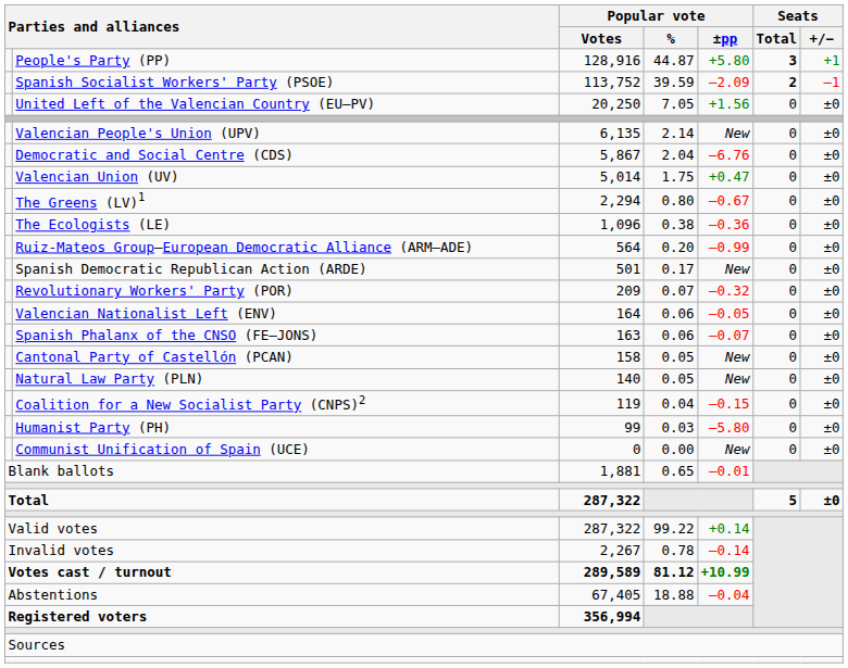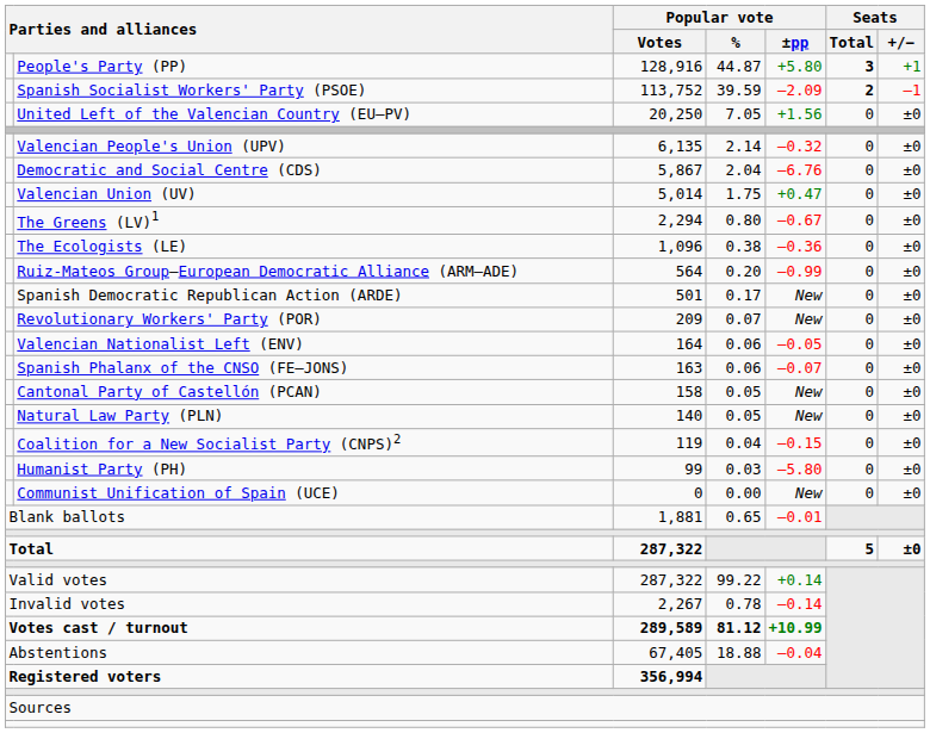 <table class="wikitable" style="text-align:right;">
 <tr>
 <th style="text-align:left;" rowspan="2" colspan="2" width="525">Parties and alliances</th>
 <th colspan="3">Popular vote</th>
 <th colspan="2">Seats</th>
 </tr>
 <tr>
 <th width="75">Votes</th>
 <th width="45">%</th>
 <th width="45">±<a href='#'>pp</a></th>
 <th width="35">Total</th>
 <th width="35">+/−</th>
 </tr>
 <tr>
 <td width="1" style="color:inherit;background:"></td>
 <td align="left"><a href='#'>People's Party</a> (PP)</td>
 <td>128,916</td>
 <td>44.87</td>
 <td style="color:green;">+5.80</td>
 <td><strong>3</strong></td>
 <td style="color:green;">+1</td>
 </tr>
 <tr>
 <td style="color:inherit;background:"></td>
 <td align="left"><a href='#'>Spanish Socialist Workers' Party</a> (PSOE)</td>
 <td>113,752</td>
 <td>39.59</td>
 <td style="color:red;">–2.09</td>
 <td><strong>2</strong></td>
 <td style="color:red;">–1</td>
 </tr>
 <tr>
 <td style="color:inherit;background:"></td>
 <td align="left"><a href='#'>United Left of the Valencian Country</a> (EU–PV)</td>
 <td>20,250</td>
 <td>7.05</td>
 <td style="color:green;">+1.56</td>
 <td>0</td>
 <td>±0</td>
 </tr>
 <tr>
 <td colspan="7" bgcolor="#C0C0C0"></td>
 </tr>
 <tr>
 <td style="color:inherit;background:"></td>
 <td align="left"><a href='#'>Valencian People's Union</a> (UPV)</td>
 <td>6,135</td>
 <td>2.14</td>
-<td><em>New</em></td>
+<td style="color:red;">–0.32</td>
 <td>0</td>
 <td>±0</td>
 </tr>
 <tr>
 <td style="color:inherit;background:"></td>
 <td align="left"><a href='#'>Democratic and Social Centre</a> (CDS)</td>
 <td>5,867</td>
 <td>2.04</td>
 <td style="color:red;">–6.76</td>
 <td>0</td>
 <td>±0</td>
 </tr>
 <tr>
 <td style="color:inherit;background:"></td>
 <td align="left"><a href='#'>Valencian Union</a> (UV)</td>
 <td>5,014</td>
 <td>1.75</td>
 <td style="color:green;">+0.47</td>
 <td>0</td>
 <td>±0</td>
 </tr>
 <tr>
 <td style="color:inherit;background:"></td>
 <td align="left"><a href='#'>The Greens</a> (LV)<sup>1</sup></td>
 <td>2,294</td>
 <td>0.80</td>
 <td style="color:red;">–0.67</td>
 <td>0</td>
 <td>±0</td>
 </tr>
 <tr>
 <td style="color:inherit;background:"></td>
 <td align="left"><a href='#'>The Ecologists</a> (LE)</td>
 <td>1,096</td>
 <td>0.38</td>
 <td style="color:red;">–0.36</td>
 <td>0</td>
 <td>±0</td>
 </tr>
 <tr>
 <td style="color:inherit;background:"></td>
 <td align="left"><a href='#'>Ruiz-Mateos Group</a>–<a href='#'>European Democratic Alliance</a> (ARM–ADE)</td>
 <td>564</td>
 <td>0.20</td>
 <td style="color:red;">–0.99</td>
 <td>0</td>
 <td>±0</td>
 </tr>
 <tr>
 <td style="color:inherit;background:"></td>
 <td align="left">Spanish Democratic Republican Action (ARDE)</td>
 <td>501</td>
 <td>0.17</td>
 <td><em>New</em></td>
 <td>0</td>
 <td>±0</td>
 </tr>
 <tr>
 <td style="color:inherit;background:"></td>
 <td align="left"><a href='#'>Revolutionary Workers' Party</a> (POR)</td>
 <td>209</td>
 <td>0.07</td>
-<td style="color:red;">–0.32</td>
+<td><em>New</em></td>
 <td>0</td>
 <td>±0</td>
 </tr>
 <tr>
 <td style="color:inherit;background:"></td>
 <td align="left"><a href='#'>Valencian Nationalist Left</a> (ENV)</td>
 <td>164</td>
 <td>0.06</td>
 <td style="color:red;">–0.05</td>
 <td>0</td>
 <td>±0</td>
 </tr>
 <tr>
 <td style="color:inherit;background:"></td>
 <td align="left"><a href='#'>Spanish Phalanx of the CNSO</a> (FE–JONS)</td>
 <td>163</td>
 <td>0.06</td>
 <td style="color:red;">–0.07</td>
 <td>0</td>
 <td>±0</td>
 </tr>
 <tr>
 <td style="color:inherit;background:"></td>
 <td align="left"><a href='#'>Cantonal Party of Castellón</a> (PCAN)</td>
 <td>158</td>
 <td>0.05</td>
 <td><em>New</em></td>
 <td>0</td>
 <td>±0</td>
 </tr>
 <tr>
 <td style="color:inherit;background:"></td>
 <td align="left"><a href='#'>Natural Law Party</a> (PLN)</td>
 <td>140</td>
 <td>0.05</td>
 <td><em>New</em></td>
 <td>0</td>
 <td>±0</td>
 </tr>
 <tr>
 <td style="color:inherit;background:"></td>
 <td align="left"><a href='#'>Coalition for a New Socialist Party</a> (CNPS)<sup>2</sup></td>
 <td>119</td>
 <td>0.04</td>
 <td style="color:red;">–0.15</td>
 <td>0</td>
 <td>±0</td>
 </tr>
 <tr>
 <td style="color:inherit;background:"></td>
 <td align="left"><a href='#'>Humanist Party</a> (PH)</td>
 <td>99</td>
 <td>0.03</td>
 <td style="color:red;">–5.80</td>
 <td>0</td>
 <td>±0</td>
 </tr>
 <tr>
 <td style="color:inherit;background:"></td>
 <td align="left"><a href='#'>Communist Unification of Spain</a> (UCE)</td>
 <td>0</td>
 <td>0.00</td>
 <td><em>New</em></td>
 <td>0</td>
 <td>±0</td>
 </tr>
 <tr>
 <td align="left" colspan="2">Blank ballots</td>
 <td>1,881</td>
 <td>0.65</td>
 <td style="color:red;">–0.01</td>
 <td bgcolor="#E9E9E9" colspan="2"></td>
 </tr>
 <tr>
 <td colspan="7" bgcolor="#E9E9E9"></td>
 </tr>
 <tr style="font-weight:bold;">
 <td align="left" colspan="2">Total</td>
 <td>287,322</td>
 <td bgcolor="#E9E9E9" colspan="2"></td>
 <td>5</td>
 <td>±0</td>
 </tr>
 <tr>
 <td colspan="7" bgcolor="#E9E9E9"></td>
 </tr>
 <tr>
 <td align="left" colspan="2">Valid votes</td>
 <td>287,322</td>
 <td>99.22</td>
 <td style="color:green;">+0.14</td>
 <td bgcolor="#E9E9E9" colspan="2" rowspan="5"></td>
 </tr>
 <tr>
 <td align="left" colspan="2">Invalid votes</td>
 <td>2,267</td>
 <td>0.78</td>
 <td style="color:red;">–0.14</td>
 </tr>
 <tr style="font-weight:bold;">
 <td align="left" colspan="2">Votes cast / turnout</td>
 <td>289,589</td>
 <td>81.12</td>
 <td style="color:green;">+10.99</td>
 </tr>
 <tr>
 <td align="left" colspan="2">Abstentions</td>
 <td>67,405</td>
 <td>18.88</td>
 <td style="color:red;">–0.04</td>
 </tr>
 <tr style="font-weight:bold;">
 <td align="left" colspan="2">Registered voters</td>
 <td>356,994</td>
 <td bgcolor="#E9E9E9" colspan="2"></td>
 </tr>
 <tr>
 <td colspan="7" bgcolor="#E9E9E9"></td>
 </tr>
 <tr>
 <td align="left" colspan="7">Sources</td>
 </tr>
 <tr>
 <td colspan="7" style="text-align:left; max-width:790px;"></td>
 </tr>
 </table>
